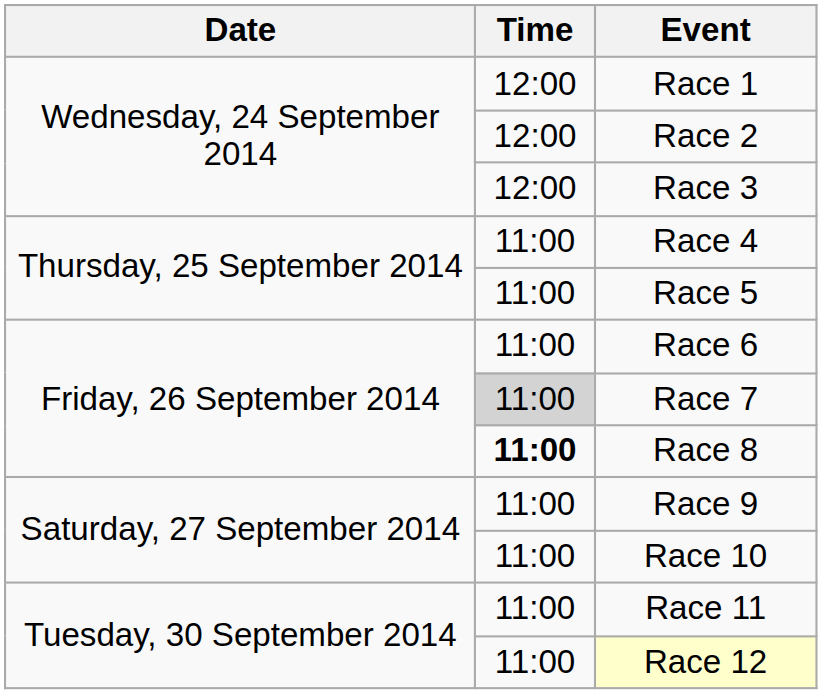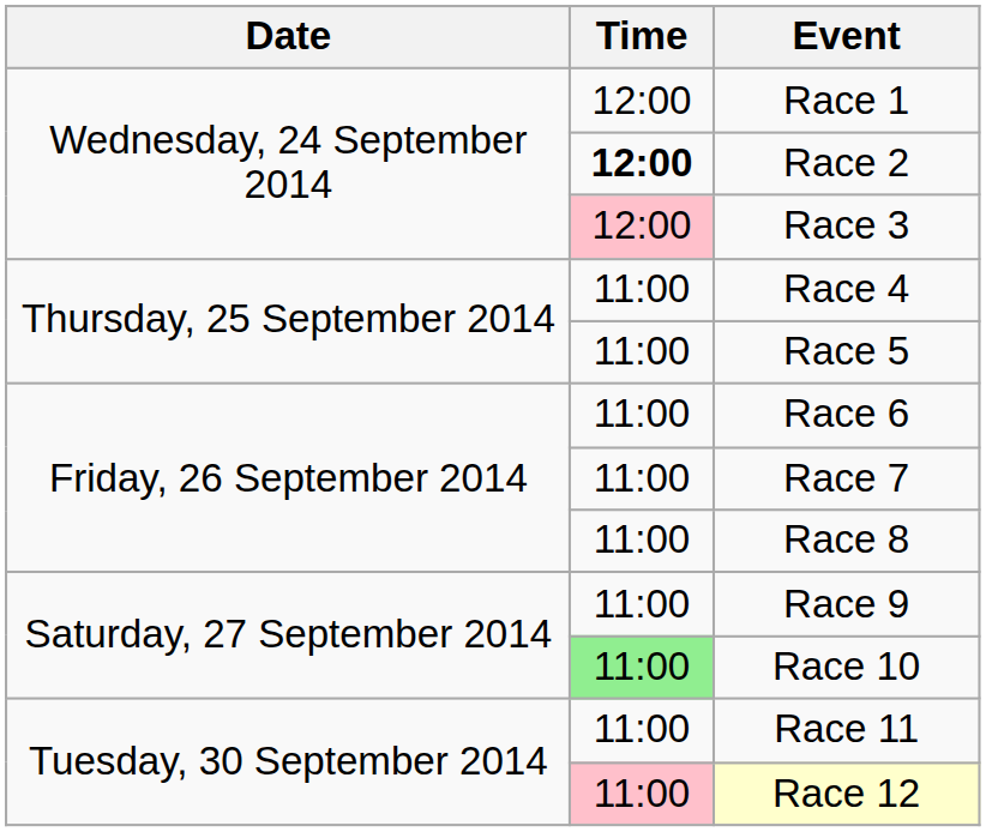 <table class = "wikitable" style="text-align:center;">
 <tr>
 <th width=220>Date</th>
 <th width=50>Time</th>
 <th width=100>Event</th>
 </tr>
 <tr>
 <td rowspan=3>Wednesday, 24 September 2014</td>
 <td>12:00</td>
 <td>Race 1</td>
 </tr>
 <tr>
-<td>12:00</td>
+<td><strong>12:00</strong></td>
 <td>Race 2</td>
 </tr>
 <tr>
-<td>12:00</td>
+<td style="background: pink;">12:00</td>
 <td>Race 3</td>
 </tr>
 <tr>
 <td rowspan=2>Thursday, 25 September 2014</td>
 <td>11:00</td>
 <td>Race 4</td>
 </tr>
 <tr>
 <td>11:00</td>
 <td>Race 5</td>
 </tr>
 <tr>
 <td rowspan=3>Friday, 26 September 2014</td>
 <td>11:00</td>
 <td>Race 6</td>
 </tr>
 <tr>
-<td style="background: lightgrey;">11:00</td>
+<td>11:00</td>
 <td>Race 7</td>
 </tr>
 <tr>
-<td><strong>11:00</strong></td>
+<td>11:00</td>
 <td>Race 8</td>
 </tr>
 <tr>
 <td rowspan=2>Saturday, 27 September 2014</td>
 <td>11:00</td>
 <td>Race 9</td>
 </tr>
 <tr>
-<td>11:00</td>
+<td style="background: lightgreen;">11:00</td>
 <td>Race 10</td>
 </tr>
 <tr>
 <td rowspan=2>Tuesday, 30 September 2014</td>
 <td>11:00</td>
 <td>Race 11</td>
 </tr>
 <tr>
-<td>11:00</td>
+<td style="background: pink;">11:00</td>
 <td bgcolor=ffffcc>Race 12</td>
 </tr>
 </table>
